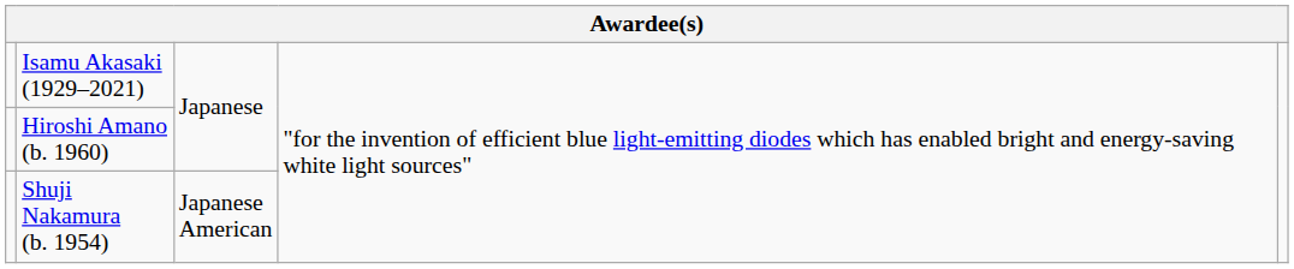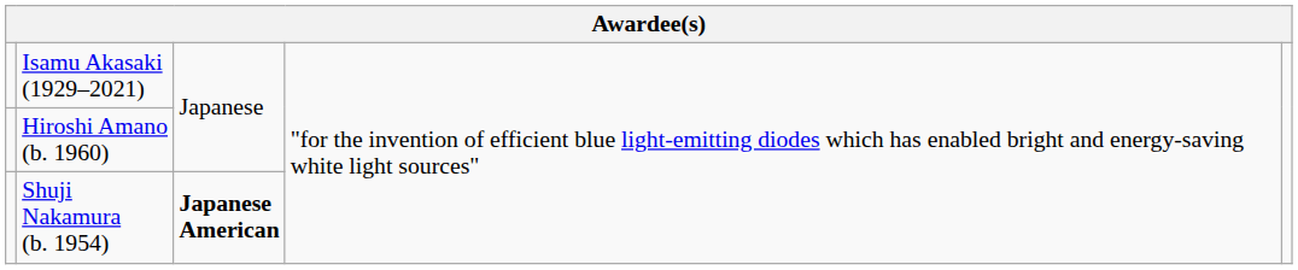 <table class="wikitable">
 <tr>
 <th colspan="5">Awardee(s)</th>
 </tr>
 <tr>
 <td></td>
 <td><a href='#'>Isamu Akasaki</a><br>(1929–2021)</td>
 <td rowspan="2"> Japanese</td>
 <td rowspan="3">"for the invention of efficient blue <a href='#'>light-emitting diodes</a> which has enabled bright and energy-saving white light sources"</td>
 <td rowspan="3"></td>
 </tr>
 <tr>
 <td></td>
 <td><a href='#'>Hiroshi Amano</a><br>(b. 1960)</td>
 </tr>
 <tr>
 <td></td>
 <td><a href='#'>Shuji Nakamura</a><br>(b. 1954)</td>
-<td> Japanese<br> American</td>
+<td><strong> Japanese<br> American</strong></td>
 </tr>
 </table>
